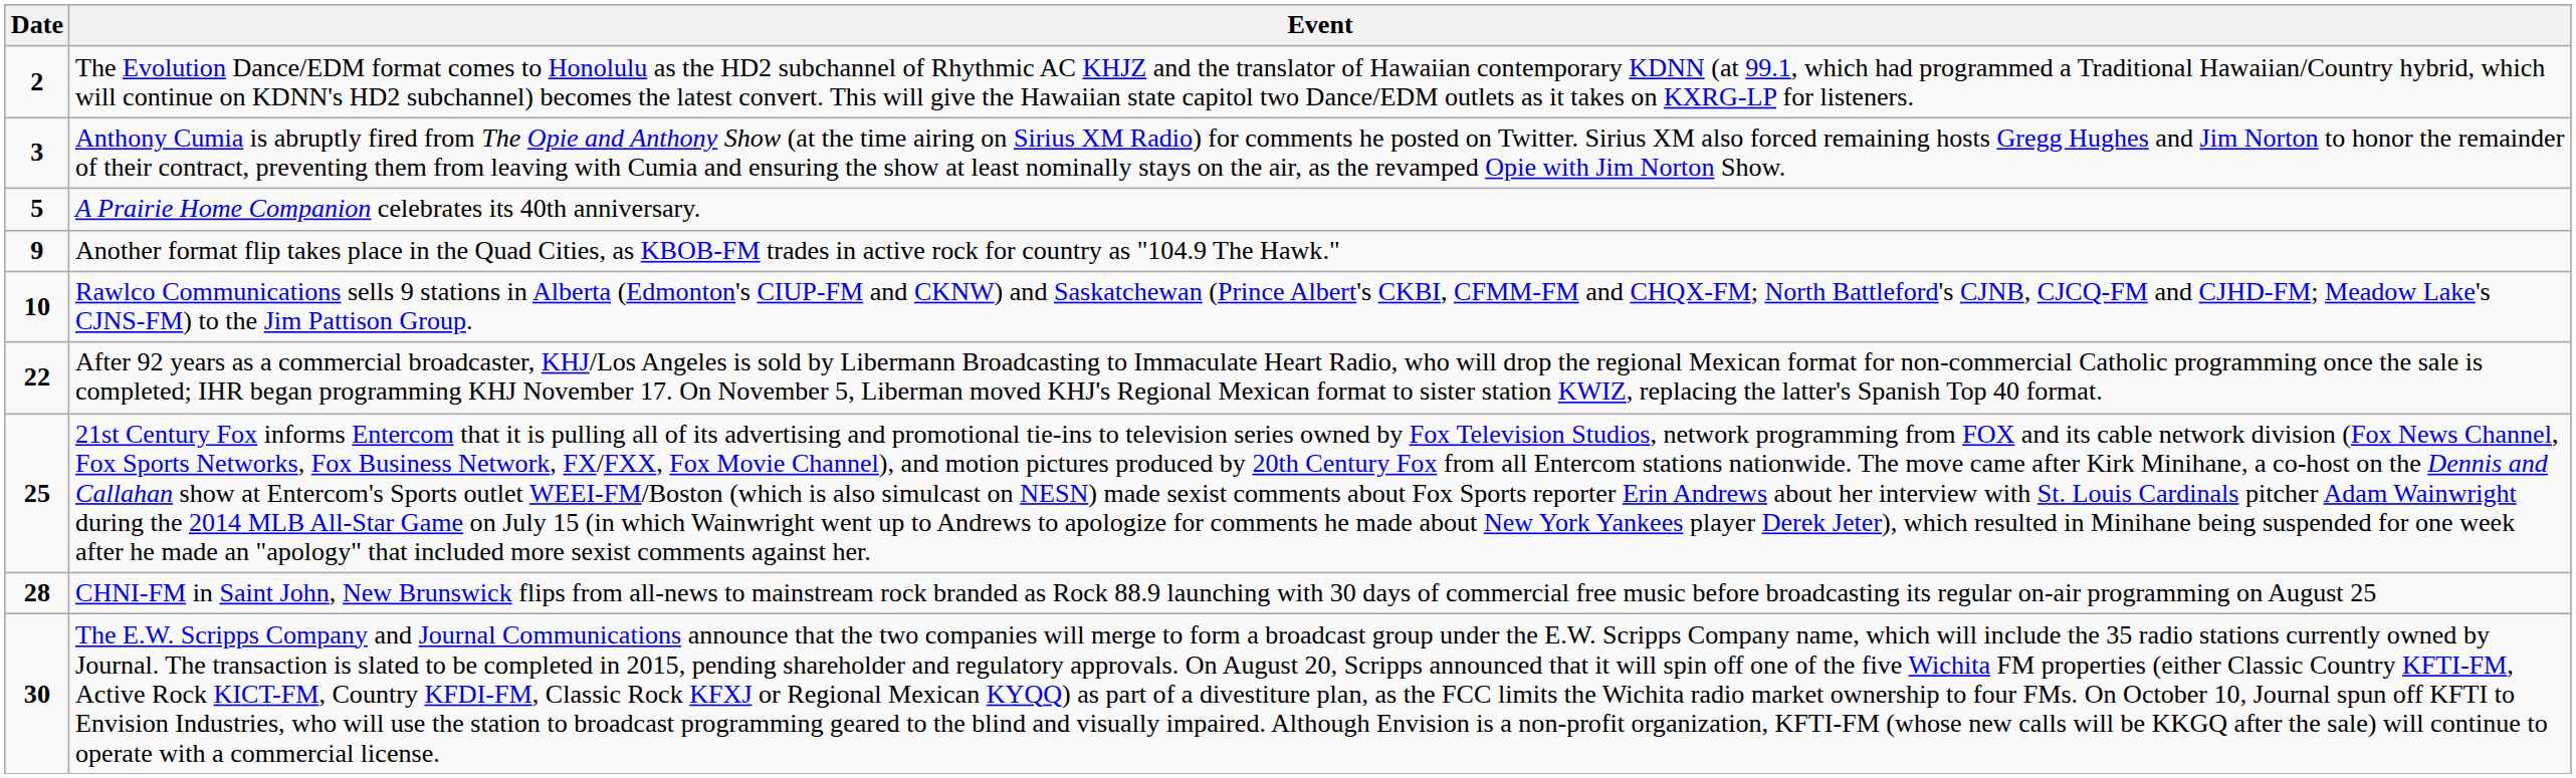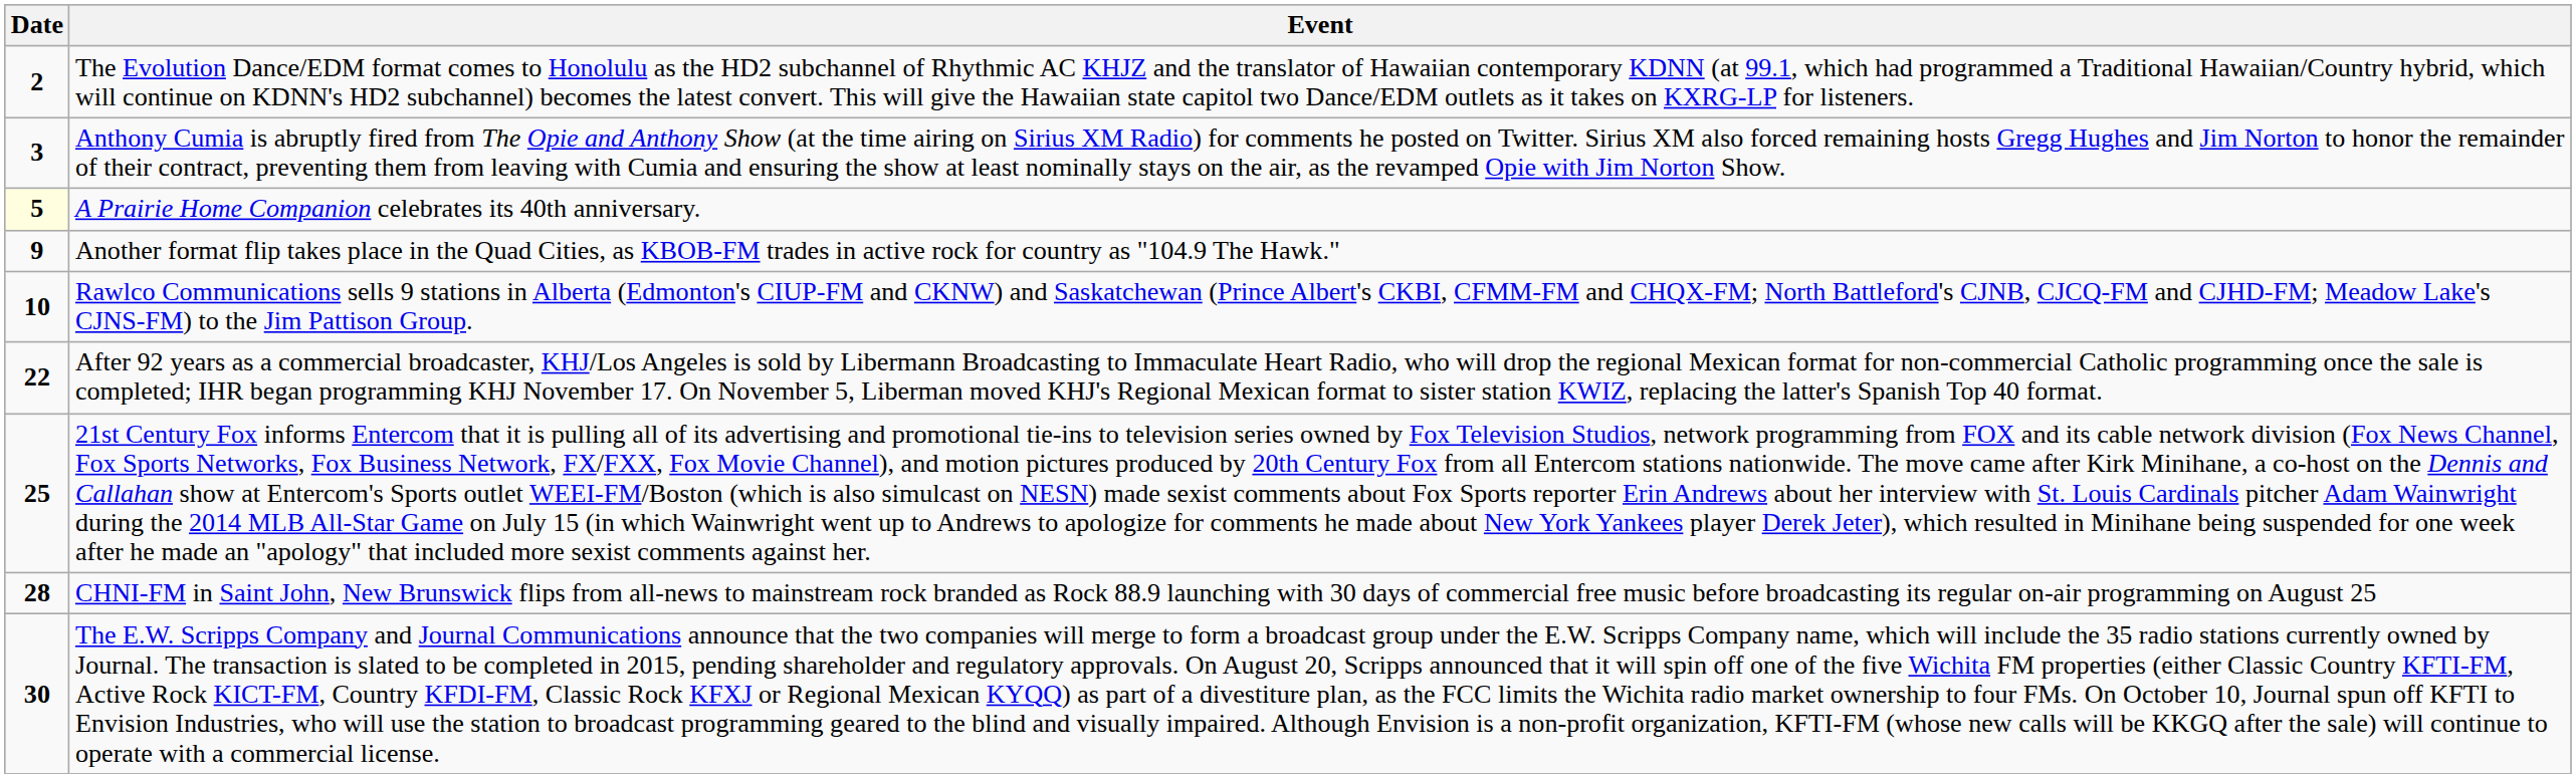 <table class="wikitable">
 <tr>
 <th>Date</th>
 <th>Event</th>
 </tr>
 <tr>
 <td style="text-align:center;"><strong>2</strong></td>
 <td>The <a href='#'>Evolution</a> Dance/EDM format comes to <a href='#'>Honolulu</a> as the HD2 subchannel of Rhythmic AC <a href='#'>KHJZ</a> and the translator of Hawaiian contemporary <a href='#'>KDNN</a> (at <a href='#'>99.1</a>, which had programmed a Traditional Hawaiian/Country hybrid, which will continue on KDNN's HD2 subchannel) becomes the latest convert. This will give the Hawaiian state capitol two Dance/EDM outlets as it takes on <a href='#'>KXRG-LP</a> for listeners.</td>
 </tr>
 <tr>
 <td style="text-align:center;"><strong>3</strong></td>
 <td><a href='#'>Anthony Cumia</a> is abruptly fired from <em>The <a href='#'>Opie and Anthony</a> Show</em> (at the time airing on <a href='#'>Sirius XM Radio</a>) for comments he posted on Twitter. Sirius XM also forced remaining hosts <a href='#'>Gregg Hughes</a> and <a href='#'>Jim Norton</a> to honor the remainder of their contract, preventing them from leaving with Cumia and ensuring the show at least nominally stays on the air, as the revamped <a href='#'>Opie with Jim Norton</a> Show.</td>
 </tr>
 <tr>
-<td style="text-align:center;"><strong>5</strong></td>
+<td style="background: lightyellow; text-align:center;"><strong>5</strong></td>
 <td><em><a href='#'>A Prairie Home Companion</a></em> celebrates its 40th anniversary.</td>
 </tr>
 <tr>
 <td style="text-align:center;"><strong>9</strong></td>
 <td>Another format flip takes place in the Quad Cities, as <a href='#'>KBOB-FM</a> trades in active rock for country as "104.9 The Hawk."</td>
 </tr>
 <tr>
 <td style="text-align:center;"><strong>10</strong></td>
 <td><a href='#'>Rawlco Communications</a> sells 9 stations in <a href='#'>Alberta</a> (<a href='#'>Edmonton</a>'s <a href='#'>CIUP-FM</a> and <a href='#'>CKNW</a>) and <a href='#'>Saskatchewan</a> (<a href='#'>Prince Albert</a>'s <a href='#'>CKBI</a>, <a href='#'>CFMM-FM</a> and <a href='#'>CHQX-FM</a>; <a href='#'>North Battleford</a>'s <a href='#'>CJNB</a>, <a href='#'>CJCQ-FM</a> and <a href='#'>CJHD-FM</a>; <a href='#'>Meadow Lake</a>'s <a href='#'>CJNS-FM</a>) to the <a href='#'>Jim Pattison Group</a>.</td>
 </tr>
 <tr>
 <td style="text-align:center;"><strong>22</strong></td>
 <td>After 92 years as a commercial broadcaster, <a href='#'>KHJ</a>/Los Angeles is sold by Libermann Broadcasting to Immaculate Heart Radio, who will drop the regional Mexican format for non-commercial Catholic programming once the sale is completed; IHR began programming KHJ November 17. On November 5, Liberman moved KHJ's Regional Mexican format to sister station <a href='#'>KWIZ</a>, replacing the latter's Spanish Top 40 format.</td>
 </tr>
 <tr>
 <td style="text-align:center;"><strong>25</strong></td>
 <td><a href='#'>21st Century Fox</a> informs <a href='#'>Entercom</a> that it is pulling all of its advertising and promotional tie-ins to television series owned by <a href='#'>Fox Television Studios</a>, network programming from <a href='#'>FOX</a> and its cable network division (<a href='#'>Fox News Channel</a>, <a href='#'>Fox Sports Networks</a>, <a href='#'>Fox Business Network</a>, <a href='#'>FX</a>/<a href='#'>FXX</a>, <a href='#'>Fox Movie Channel</a>), and motion pictures produced by <a href='#'>20th Century Fox</a> from all Entercom stations nationwide. The move came after Kirk Minihane, a co-host on the <em><a href='#'>Dennis and Callahan</a></em> show at Entercom's Sports outlet <a href='#'>WEEI-FM</a>/Boston (which is also simulcast on <a href='#'>NESN</a>) made sexist comments about Fox Sports reporter <a href='#'>Erin Andrews</a> about her interview with <a href='#'>St. Louis Cardinals</a> pitcher <a href='#'>Adam Wainwright</a> during the <a href='#'>2014 MLB All-Star Game</a> on July 15 (in which Wainwright went up to Andrews to apologize for comments he made about <a href='#'>New York Yankees</a> player <a href='#'>Derek Jeter</a>), which resulted in Minihane being suspended for one week after he made an "apology" that included more sexist comments against her.</td>
 </tr>
 <tr>
 <td style="text-align:center;"><strong>28</strong></td>
 <td><a href='#'>CHNI-FM</a> in <a href='#'>Saint John</a>, <a href='#'>New Brunswick</a> flips from all-news to mainstream rock branded as Rock 88.9 launching with 30 days of commercial free music before broadcasting its regular on-air programming on August 25</td>
 </tr>
 <tr>
 <td style="text-align:center;"><strong>30</strong></td>
 <td><a href='#'>The E.W. Scripps Company</a> and <a href='#'>Journal Communications</a> announce that the two companies will merge to form a broadcast group under the E.W. Scripps Company name, which will include the 35 radio stations currently owned by Journal. The transaction is slated to be completed in 2015, pending shareholder and regulatory approvals. On August 20, Scripps announced that it will spin off one of the five <a href='#'>Wichita</a> FM properties (either Classic Country <a href='#'>KFTI-FM</a>, Active Rock <a href='#'>KICT-FM</a>, Country <a href='#'>KFDI-FM</a>, Classic Rock <a href='#'>KFXJ</a> or Regional Mexican <a href='#'>KYQQ</a>) as part of a divestiture plan, as the FCC limits the Wichita radio market ownership to four FMs. On October 10, Journal spun off KFTI to Envision Industries, who will use the station to broadcast programming geared to the blind and visually impaired. Although Envision is a non-profit organization, KFTI-FM (whose new calls will be KKGQ after the sale) will continue to operate with a commercial license.</td>
 </tr>
 </table>
